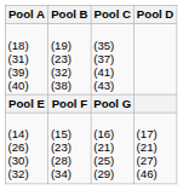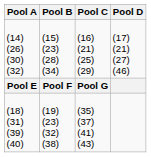 <table class="wikitable">
 <tr>
 <th width=25%>Pool A</th>
 <th width=25%>Pool B</th>
 <th width=25%>Pool C</th>
 <th width=25%>Pool D</th>
 </tr>
 <tr>
-<td><br> (18)<br>  (31)<br>  (39)<br>  (40)</td>
-<td><br> (19)<br>  (23)<br>  (32)<br>  (38)</td>
-<td><br> (35)<br>  (37)<br>  (41)<br>  (43)</td>
-<td></td>
+<td><br> (14)<br>  (26)<br>  (30)<br>  (32)</td>
+<td><br> (15)<br>  (23)<br>  (28)<br>  (34)</td>
+<td><br> (16)<br>  (21)<br>  (25)<br>  (29)</td>
+<td><br> (17)<br>  (21)<br>  (27)<br>  (46)</td>
 </tr>
 <tr>
 <th>Pool E</th>
 <th>Pool F</th>
 <th>Pool G</th>
 <th></th>
 </tr>
 <tr>
-<td><br> (14)<br>  (26)<br>  (30)<br>  (32)</td>
-<td><br> (15)<br>  (23)<br>  (28)<br>  (34)</td>
-<td><br> (16)<br>  (21)<br>  (25)<br>  (29)</td>
-<td><br> (17)<br>  (21)<br>  (27)<br>  (46)</td>
+<td><br> (18)<br>  (31)<br>  (39)<br>  (40)</td>
+<td><br> (19)<br>  (23)<br>  (32)<br>  (38)</td>
+<td><br> (35)<br>  (37)<br>  (41)<br>  (43)</td>
+<td></td>
 </tr>
 </table>
